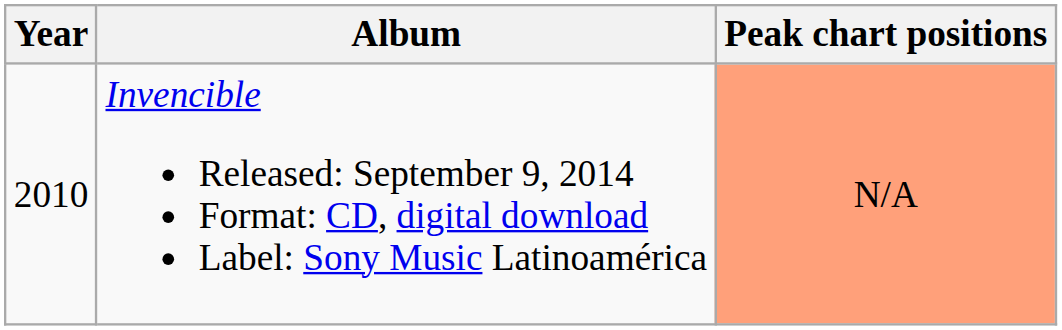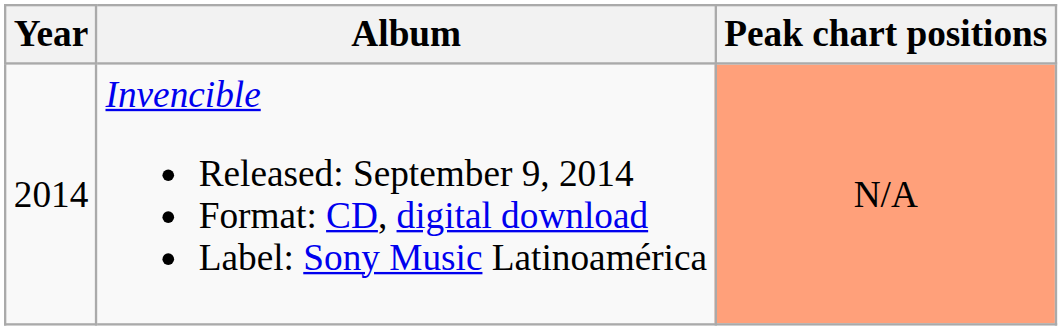 <table class="wikitable" style="text-align:center;">
 <tr>
 <th rowspan="1">Year</th>
 <th rowspan="1">Album</th>
 <th colspan="1">Peak chart positions</th>
 </tr>
 <tr>
-<td>2010</td>
+<td>2014</td>
 <td align="left"><em><a href='#'>Invencible</a></em><br><ul><li>Released: September 9, 2014</li><li>Format: <a href='#'>CD</a>, <a href='#'>digital download</a></li><li>Label: <a href='#'>Sony Music</a> Latinoamérica</li></ul></td>
 <td style="background: lightsalmon;">N/A</td>
 </tr>
 </table>
